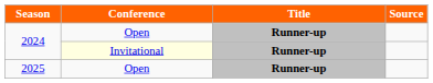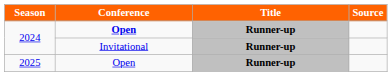 <table class="wikitable">
 <tr>
 <th width=70px style="background:#FF6201; color:white; text-align: center"><strong>Season</strong></th>
 <th width=200px style="background:#FF6201; color:white">Conference</th>
 <th width=230px style="background:#FF6201; color:white">Title</th>
 <th width=50px style="background:#FF6201; color:white">Source</th>
 </tr>
 <tr align=center>
 <td rowspan=2><a href='#'>2024</a></td>
-<td><a href='#'>Open</a></td>
+<td><strong><a href='#'>Open</a></strong></td>
 <td style="background:silver;"><strong>Runner-up</strong></td>
 <td></td>
 </tr>
 <tr align=center>
-<td style="background: lightyellow;"><a href='#'>Invitational</a></td>
+<td><a href='#'>Invitational</a></td>
 <td style="background:silver;"><strong>Runner-up</strong></td>
 <td></td>
 </tr>
 <tr align=center>
 <td rowspan=2><a href='#'>2025</a></td>
 <td><a href='#'>Open</a></td>
 <td style="background:silver;"><strong>Runner-up</strong></td>
 <td></td>
 </tr>
 </table>
